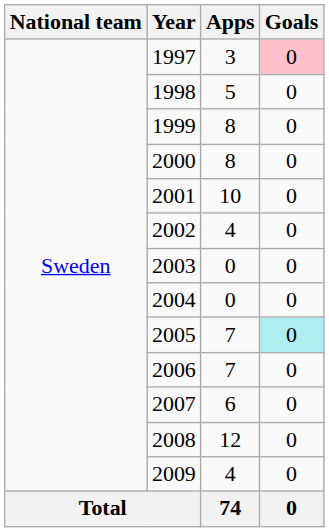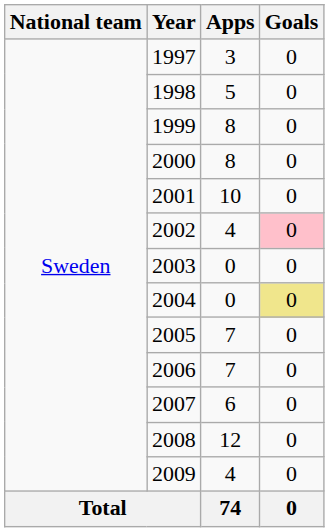 <table class="wikitable" style="text-align:center">
 <tr>
 <th>National team</th>
 <th>Year</th>
 <th>Apps</th>
 <th>Goals</th>
 </tr>
 <tr>
 <td rowspan="13"><a href='#'>Sweden</a></td>
 <td>1997</td>
 <td>3</td>
-<td style="background: pink;">0</td>
+<td>0</td>
 </tr>
 <tr>
 <td>1998</td>
 <td>5</td>
 <td>0</td>
 </tr>
 <tr>
 <td>1999</td>
 <td>8</td>
 <td>0</td>
 </tr>
 <tr>
 <td>2000</td>
 <td>8</td>
 <td>0</td>
 </tr>
 <tr>
 <td>2001</td>
 <td>10</td>
 <td>0</td>
 </tr>
 <tr>
 <td>2002</td>
 <td>4</td>
-<td>0</td>
+<td style="background: pink;">0</td>
 </tr>
 <tr>
 <td>2003</td>
 <td>0</td>
 <td>0</td>
 </tr>
 <tr>
 <td>2004</td>
 <td>0</td>
-<td>0</td>
+<td style="background: khaki;">0</td>
 </tr>
 <tr>
 <td>2005</td>
 <td>7</td>
-<td style="background: paleturquoise;">0</td>
+<td>0</td>
 </tr>
 <tr>
 <td>2006</td>
 <td>7</td>
 <td>0</td>
 </tr>
 <tr>
 <td>2007</td>
 <td>6</td>
 <td>0</td>
 </tr>
 <tr>
 <td>2008</td>
 <td>12</td>
 <td>0</td>
 </tr>
 <tr>
 <td>2009</td>
 <td>4</td>
 <td>0</td>
 </tr>
 <tr>
 <th colspan="2">Total</th>
 <th>74</th>
 <th>0</th>
 </tr>
 </table>
